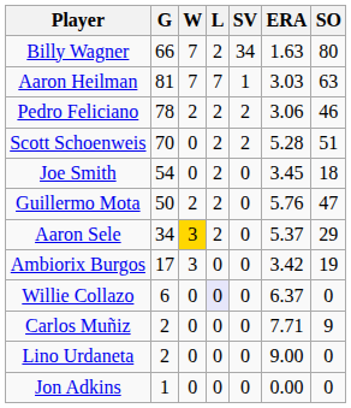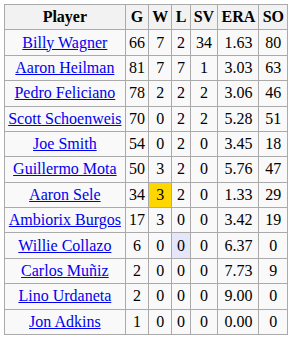 <table class="wikitable sortable">
 <tr>
 <th>Player</th>
 <th>G</th>
 <th>W</th>
 <th>L</th>
 <th>SV</th>
 <th>ERA</th>
 <th>SO</th>
 </tr>
 <tr align="center">
 <td><a href='#'>Billy Wagner</a></td>
 <td>66</td>
 <td>7</td>
 <td>2</td>
 <td>34</td>
 <td>1.63</td>
 <td>80</td>
 </tr>
 <tr align=center>
 <td><a href='#'>Aaron Heilman</a></td>
 <td>81</td>
 <td>7</td>
 <td>7</td>
 <td>1</td>
 <td>3.03</td>
 <td>63</td>
 </tr>
 <tr align=center>
 <td><a href='#'>Pedro Feliciano</a></td>
 <td>78</td>
 <td>2</td>
 <td>2</td>
 <td>2</td>
 <td>3.06</td>
 <td>46</td>
 </tr>
 <tr align=center>
 <td><a href='#'>Scott Schoenweis</a></td>
 <td>70</td>
 <td>0</td>
 <td>2</td>
 <td>2</td>
 <td>5.28</td>
 <td>51</td>
 </tr>
 <tr align=center>
 <td><a href='#'>Joe Smith</a></td>
 <td>54</td>
 <td>0</td>
 <td>2</td>
 <td>0</td>
 <td>3.45</td>
 <td>18</td>
 </tr>
 <tr align=center>
 <td><a href='#'>Guillermo Mota</a></td>
 <td>50</td>
-<td>2</td>
+<td>3</td>
 <td>2</td>
 <td>0</td>
 <td>5.76</td>
 <td>47</td>
 </tr>
 <tr align=center>
 <td><a href='#'>Aaron Sele</a></td>
 <td>34</td>
 <td style="background: gold;">3</td>
 <td>2</td>
 <td>0</td>
-<td>5.37</td>
+<td>1.33</td>
 <td>29</td>
 </tr>
 <tr align=center>
 <td><a href='#'>Ambiorix Burgos</a></td>
 <td>17</td>
 <td>3</td>
 <td>0</td>
 <td>0</td>
 <td>3.42</td>
 <td>19</td>
 </tr>
 <tr align=center>
 <td><a href='#'>Willie Collazo</a></td>
 <td>6</td>
 <td>0</td>
 <td style="background: lavender;">0</td>
 <td>0</td>
 <td>6.37</td>
 <td>0</td>
 </tr>
 <tr align=center>
 <td><a href='#'>Carlos Muñiz</a></td>
 <td>2</td>
 <td>0</td>
 <td>0</td>
 <td>0</td>
-<td>7.71</td>
+<td>7.73</td>
 <td>9</td>
 </tr>
 <tr align=center>
 <td><a href='#'>Lino Urdaneta</a></td>
 <td>2</td>
 <td>0</td>
 <td>0</td>
 <td>0</td>
 <td>9.00</td>
 <td>0</td>
 </tr>
 <tr align=center>
 <td><a href='#'>Jon Adkins</a></td>
 <td>1</td>
 <td>0</td>
 <td>0</td>
 <td>0</td>
 <td>0.00</td>
 <td>0</td>
 </tr>
 </table>
